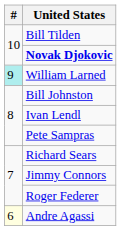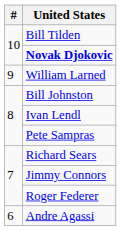 <table class=wikitable style="display:inline-table;">
 <tr>
 <th>#</th>
 <th>United States</th>
 </tr>
 <tr>
 <td rowspan="2">10</td>
 <td> <a href='#'>Bill Tilden</a></td>
 </tr>
 <tr>
 <td> <strong><a href='#'>Novak Djokovic</a></strong></td>
 </tr>
 <tr>
-<td style="background: paleturquoise;">9</td>
+<td>9</td>
 <td> <a href='#'>William Larned</a></td>
 </tr>
 <tr>
 <td rowspan="3">8</td>
 <td> <a href='#'>Bill Johnston</a></td>
 </tr>
 <tr>
 <td> <a href='#'>Ivan Lendl</a></td>
 </tr>
 <tr>
 <td> <a href='#'>Pete Sampras</a></td>
 </tr>
 <tr>
 <td rowspan="3">7</td>
 <td> <a href='#'>Richard Sears</a></td>
 </tr>
 <tr>
 <td> <a href='#'>Jimmy Connors</a></td>
 </tr>
 <tr>
 <td> <a href='#'>Roger Federer</a></td>
 </tr>
 <tr>
-<td style="background: lightyellow;">6</td>
+<td>6</td>
 <td> <a href='#'>Andre Agassi</a></td>
 </tr>
 </table>
